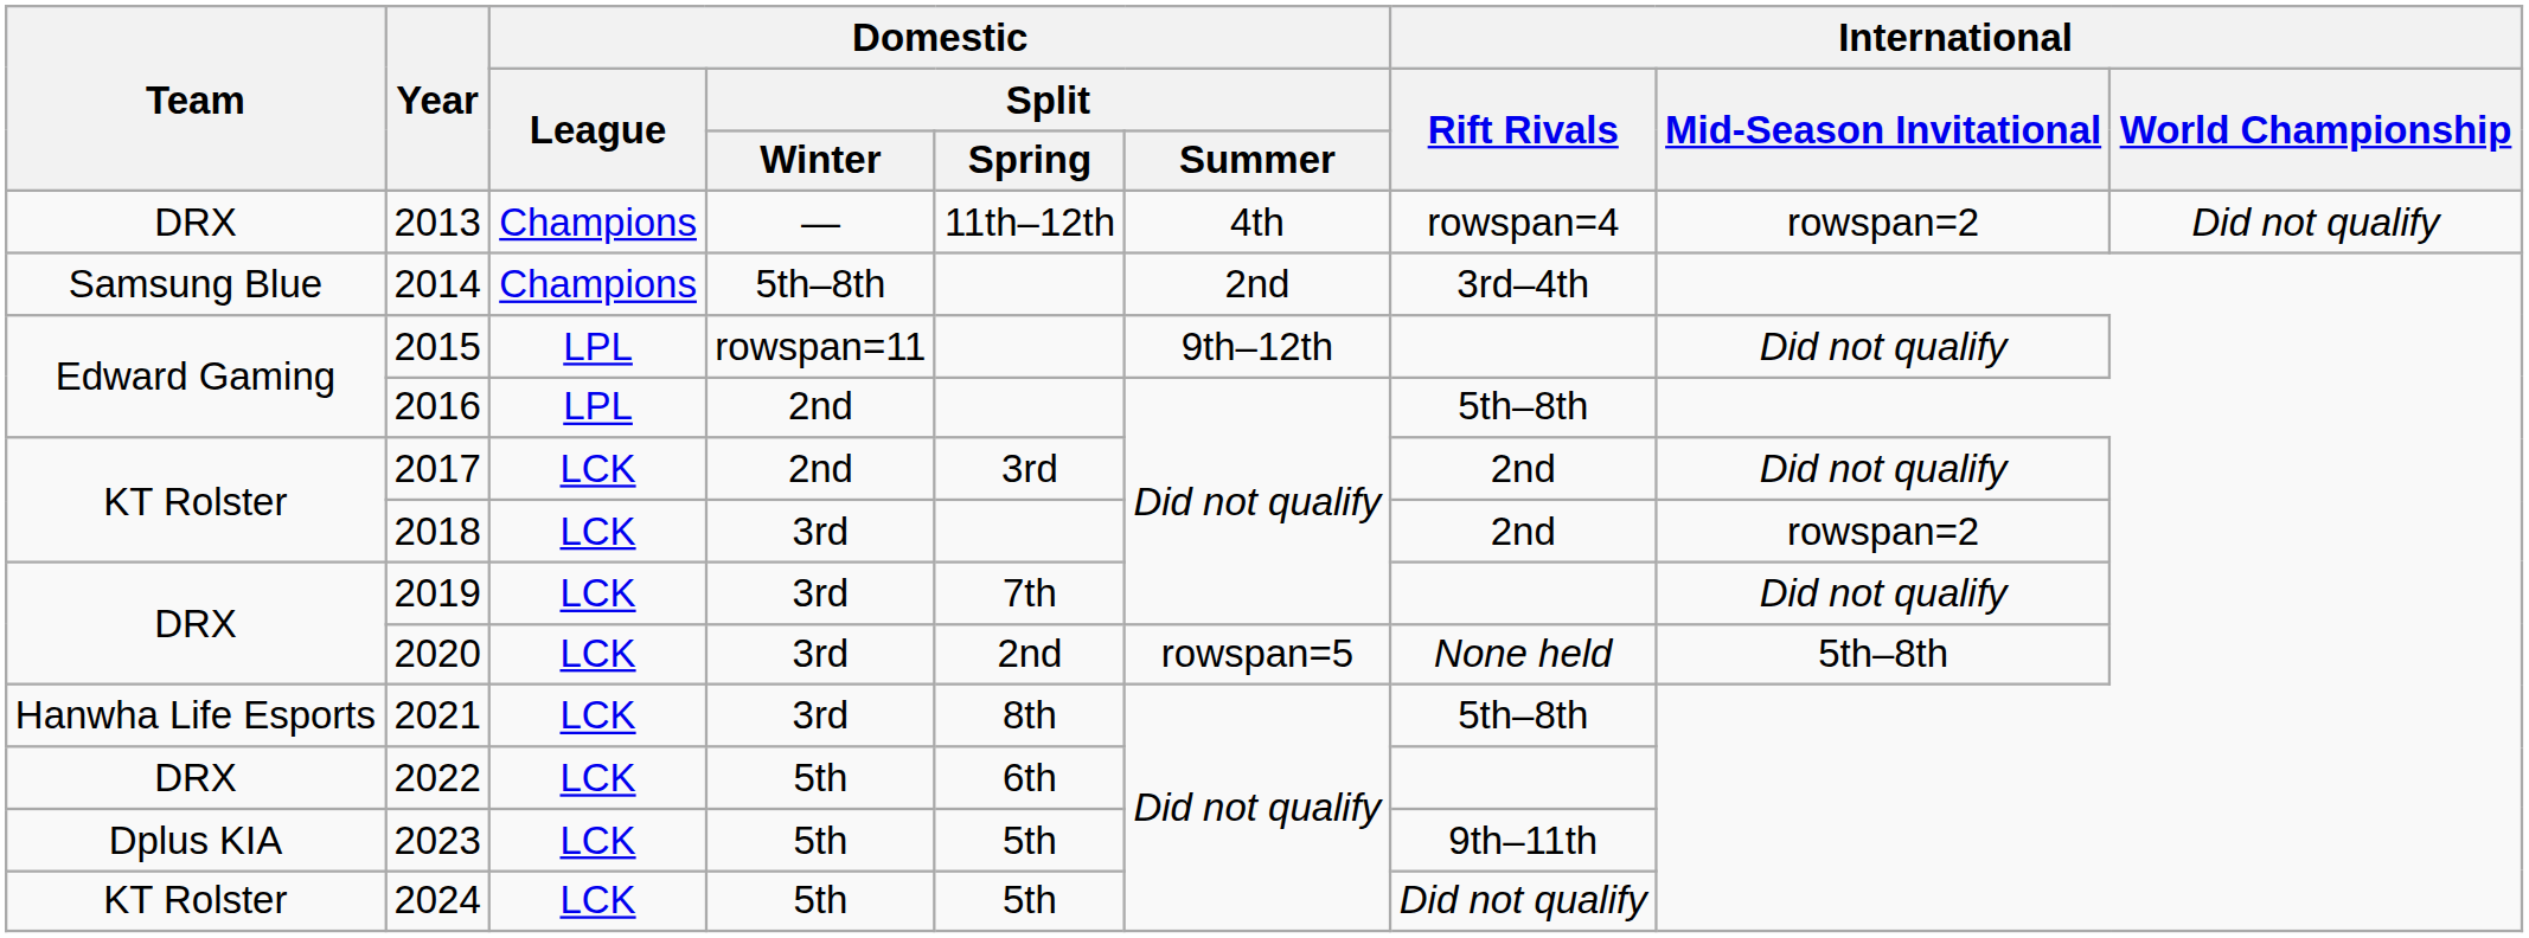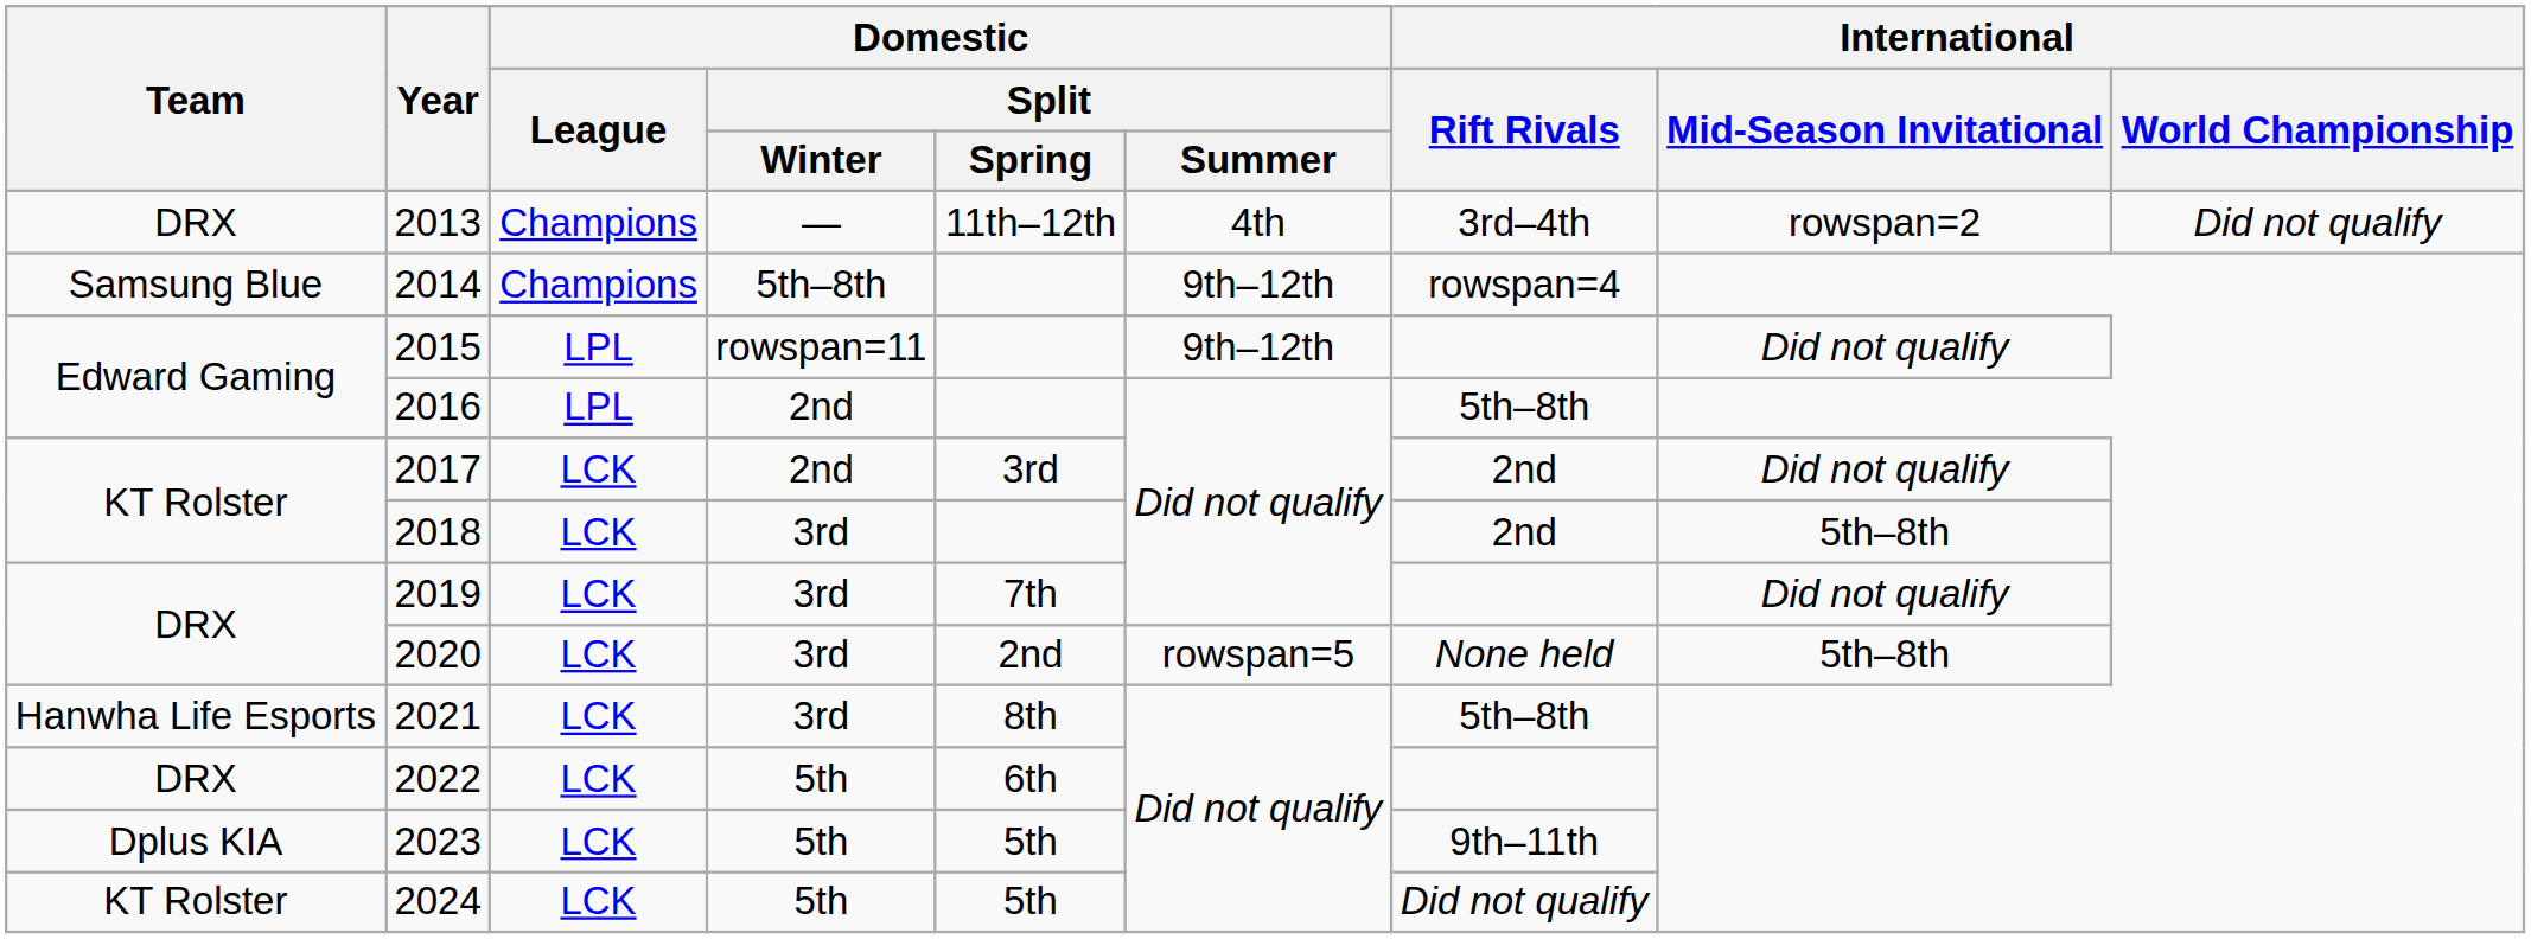 <table class="wikitable" style="font-size:90%; text-align:center;">
 <tr style="background:#f0f6ff;">
 <th rowspan=3>Team</th>
 <th rowspan=3>Year</th>
 <th colspan=4>Domestic</th>
 <th colspan=3>International</th>
 </tr>
 <tr>
 <th width=65px rowspan=2>League</th>
 <th colspan=3>Split</th>
 <th rowspan=2><a href='#'>Rift Rivals</a></th>
 <th rowspan=2><a href='#'>Mid-Season Invitational</a></th>
 <th rowspan=2><a href='#'>World Championship</a></th>
 </tr>
 <tr>
 <th>Winter</th>
 <th>Spring</th>
 <th>Summer</th>
 </tr>
 <tr>
 <td>DRX</td>
 <td>2013</td>
 <td><a href='#'>Champions</a></td>
 <td>—</td>
 <td>11th–12th</td>
 <td>4th</td>
-<td>rowspan=4 </td>
+<td>3rd–4th</td>
 <td>rowspan=2 </td>
 <td><em>Did not qualify</em></td>
 </tr>
 <tr>
 <td>Samsung Blue</td>
 <td>2014</td>
 <td><a href='#'>Champions</a></td>
 <td>5th–8th</td>
 <td></td>
-<td>2nd</td>
-<td>3rd–4th</td>
+<td>9th–12th</td>
+<td>rowspan=4 </td>
 </tr>
 <tr>
 <td rowspan="2">Edward Gaming</td>
 <td>2015</td>
 <td><a href='#'>LPL</a></td>
 <td>rowspan=11 </td>
 <td></td>
 <td>9th–12th</td>
 <td></td>
 <td><em>Did not qualify</em></td>
 </tr>
 <tr>
 <td>2016</td>
 <td><a href='#'>LPL</a></td>
 <td>2nd</td>
 <td></td>
 <td rowspan=4><em>Did not qualify</em></td>
 <td>5th–8th</td>
 </tr>
 <tr>
 <td rowspan="2">KT Rolster</td>
 <td>2017</td>
 <td><a href='#'>LCK</a></td>
 <td>2nd</td>
 <td>3rd</td>
 <td>2nd</td>
 <td><em>Did not qualify</em></td>
 </tr>
 <tr>
 <td>2018</td>
 <td><a href='#'>LCK</a></td>
 <td>3rd</td>
 <td></td>
 <td>2nd</td>
-<td>rowspan=2 </td>
+<td>5th–8th</td>
 </tr>
 <tr>
 <td rowspan="2">DRX</td>
 <td>2019</td>
 <td><a href='#'>LCK</a></td>
 <td>3rd</td>
 <td>7th</td>
 <td></td>
 <td><em>Did not qualify</em></td>
 </tr>
 <tr>
 <td>2020</td>
 <td><a href='#'>LCK</a></td>
 <td>3rd</td>
 <td>2nd</td>
 <td>rowspan=5 </td>
 <td><em>None held</em></td>
 <td>5th–8th</td>
 </tr>
 <tr>
 <td>Hanwha Life Esports</td>
 <td>2021</td>
 <td><a href='#'>LCK</a></td>
 <td>3rd</td>
 <td>8th</td>
 <td rowspan=4><em>Did not qualify</em></td>
 <td>5th–8th</td>
 </tr>
 <tr>
 <td>DRX</td>
 <td>2022</td>
 <td><a href='#'>LCK</a></td>
 <td>5th</td>
 <td>6th</td>
 <td></td>
 </tr>
 <tr>
 <td>Dplus KIA</td>
 <td>2023</td>
 <td><a href='#'>LCK</a></td>
 <td>5th</td>
 <td>5th</td>
 <td>9th–11th</td>
 </tr>
 <tr>
 <td>KT Rolster</td>
 <td>2024</td>
 <td><a href='#'>LCK</a></td>
 <td>5th</td>
 <td>5th</td>
 <td><em>Did not qualify</em></td>
 </tr>
 </table>
